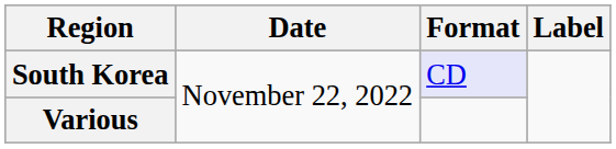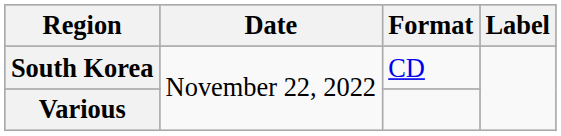 <table class="wikitable plainrowheaders">
 <tr>
 <th scope="col">Region</th>
 <th scope="col">Date</th>
 <th scope="col">Format</th>
 <th scope="col">Label</th>
 </tr>
 <tr>
 <th scope="row">South Korea</th>
 <td rowspan="2">November 22, 2022</td>
-<td style="background: lavender;"><a href='#'>CD</a></td>
+<td><a href='#'>CD</a></td>
 <td rowspan="2"></td>
 </tr>
 <tr>
 <th scope="row">Various </th>
 <td></td>
 </tr>
 </table>
